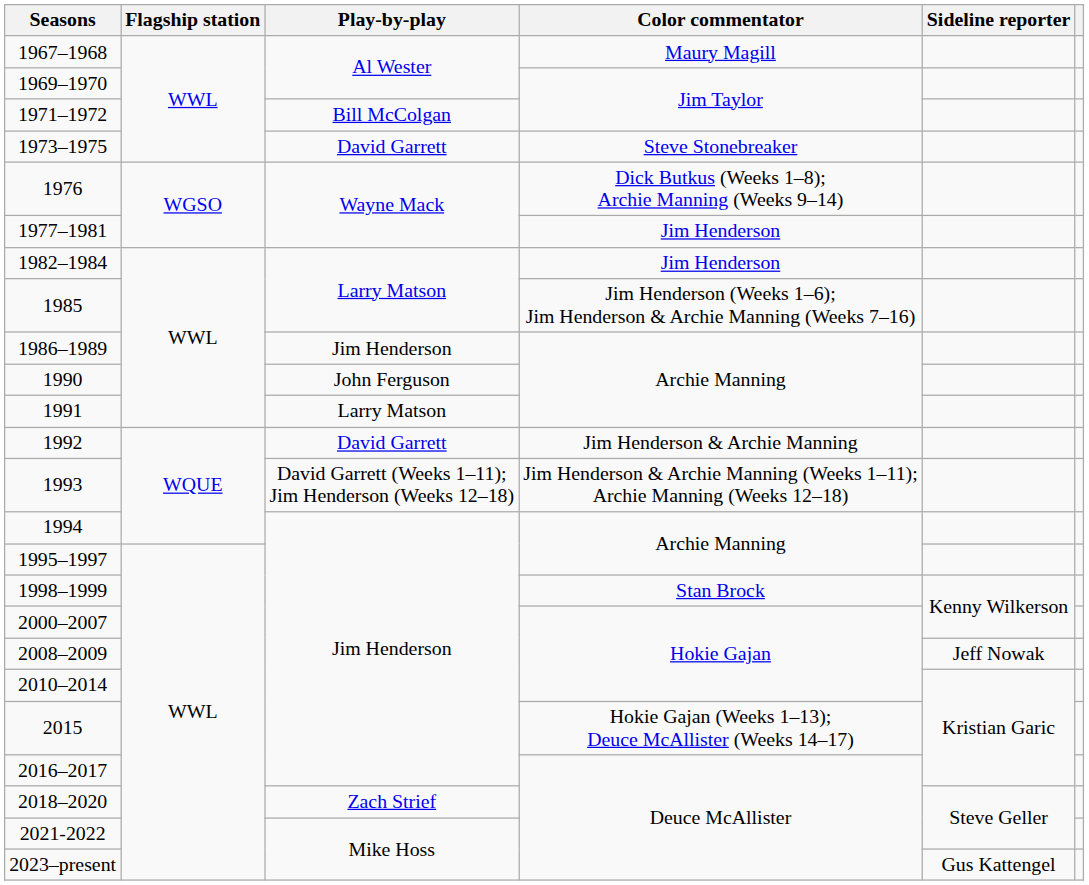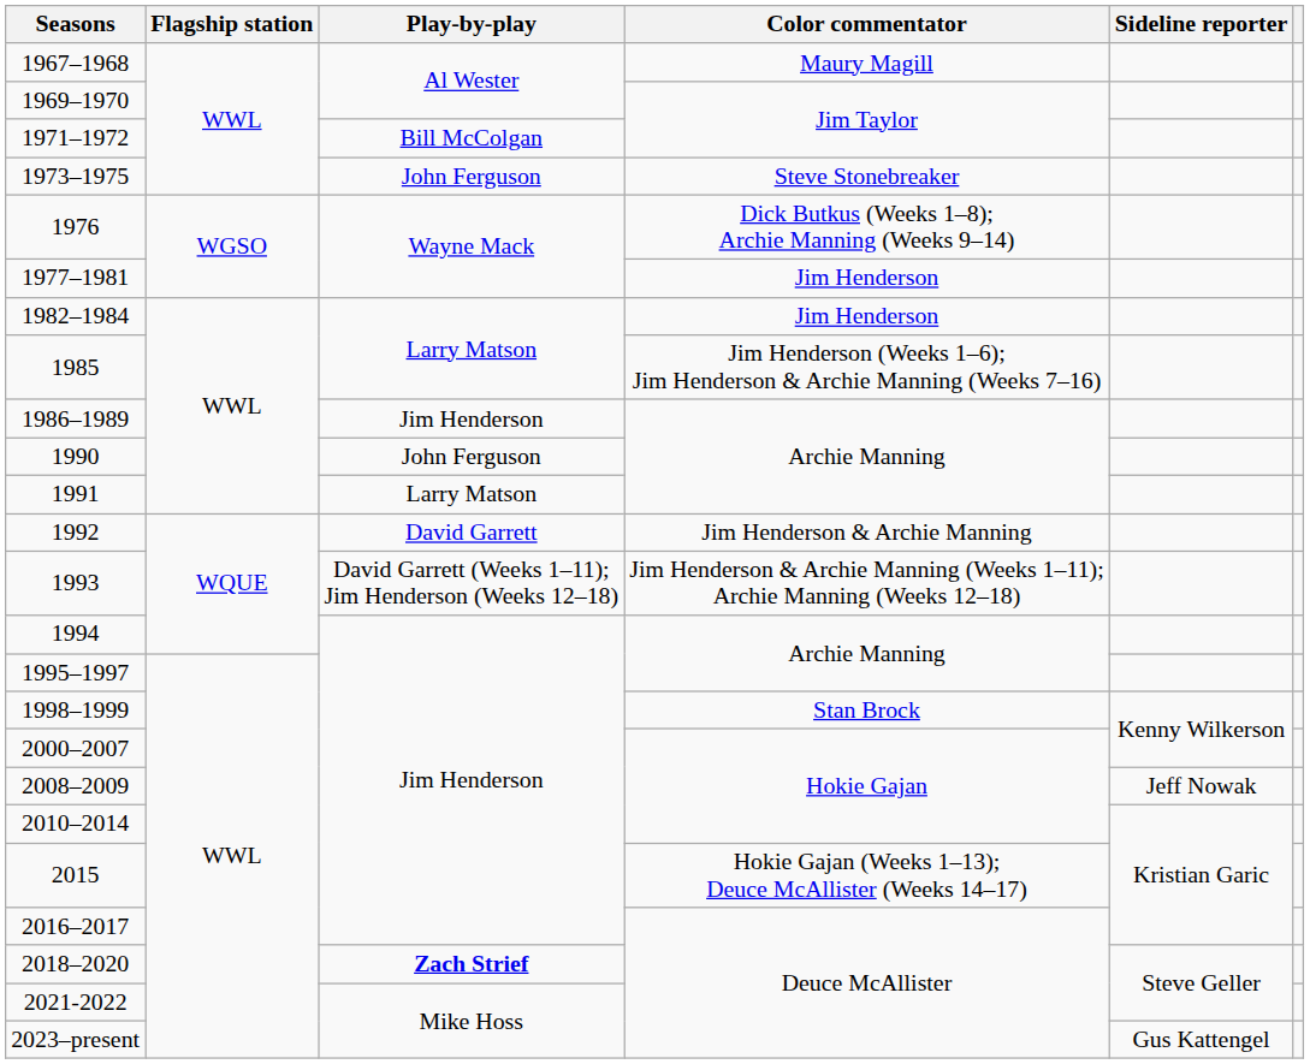 <table class="wikitable" style="text-align: center;">
 <tr>
 <th>Seasons</th>
 <th>Flagship station</th>
 <th>Play-by-play</th>
 <th>Color commentator</th>
 <th>Sideline reporter</th>
 <th></th>
 </tr>
 <tr>
 <td>1967–1968</td>
 <td rowspan=4><a href='#'>WWL</a></td>
 <td rowspan=2><a href='#'>Al Wester</a></td>
 <td><a href='#'>Maury Magill</a></td>
 <td></td>
 <td></td>
 </tr>
 <tr>
 <td>1969–1970</td>
 <td rowspan=2><a href='#'>Jim Taylor</a></td>
 <td></td>
 <td></td>
 </tr>
 <tr>
 <td>1971–1972</td>
 <td><a href='#'>Bill McColgan</a></td>
 <td></td>
 <td></td>
 </tr>
 <tr>
 <td>1973–1975</td>
-<td><a href='#'>David Garrett</a></td>
+<td><a href='#'>John Ferguson</a></td>
 <td><a href='#'>Steve Stonebreaker</a></td>
 <td></td>
 <td></td>
 </tr>
 <tr>
 <td>1976</td>
 <td rowspan=2><a href='#'>WGSO</a></td>
 <td rowspan=2><a href='#'>Wayne Mack</a></td>
 <td><a href='#'>Dick Butkus</a> (Weeks 1–8);<br><a href='#'>Archie Manning</a> (Weeks 9–14)</td>
 <td></td>
 <td></td>
 </tr>
 <tr>
 <td>1977–1981</td>
 <td><a href='#'>Jim Henderson</a></td>
 <td></td>
 <td></td>
 </tr>
 <tr>
 <td>1982–1984</td>
 <td rowspan=5>WWL</td>
 <td rowspan=2><a href='#'>Larry Matson</a></td>
 <td><a href='#'>Jim Henderson</a></td>
 <td></td>
 <td></td>
 </tr>
 <tr>
 <td>1985</td>
 <td>Jim Henderson (Weeks 1–6);<br>Jim Henderson & Archie Manning (Weeks 7–16)</td>
 <td></td>
 <td></td>
 </tr>
 <tr>
 <td>1986–1989</td>
 <td>Jim Henderson</td>
 <td rowspan=3>Archie Manning</td>
 <td></td>
 <td></td>
 </tr>
 <tr>
 <td>1990</td>
 <td>John Ferguson</td>
 <td></td>
 <td></td>
 </tr>
 <tr>
 <td>1991</td>
 <td>Larry Matson</td>
 <td></td>
 <td></td>
 </tr>
 <tr>
 <td>1992</td>
 <td rowspan=3><a href='#'>WQUE</a></td>
 <td><a href='#'>David Garrett</a></td>
 <td>Jim Henderson & Archie Manning</td>
 <td></td>
 <td></td>
 </tr>
 <tr>
 <td>1993</td>
 <td>David Garrett (Weeks 1–11);<br>Jim Henderson (Weeks 12–18)</td>
 <td>Jim Henderson & Archie Manning (Weeks 1–11);<br>Archie Manning (Weeks 12–18)</td>
 <td></td>
 <td></td>
 </tr>
 <tr>
 <td>1994</td>
 <td rowspan=8>Jim Henderson</td>
 <td rowspan=2>Archie Manning</td>
 <td></td>
 <td></td>
 </tr>
 <tr>
 <td>1995–1997</td>
 <td rowspan="10">WWL</td>
 <td></td>
 <td></td>
 </tr>
 <tr>
 <td>1998–1999</td>
 <td><a href='#'>Stan Brock</a></td>
 <td rowspan=2>Kenny Wilkerson</td>
 <td></td>
 </tr>
 <tr>
 <td>2000–2007</td>
 <td rowspan=3><a href='#'>Hokie Gajan</a></td>
 <td></td>
 </tr>
 <tr>
 <td>2008–2009</td>
 <td>Jeff Nowak</td>
 <td></td>
 </tr>
 <tr>
 <td>2010–2014</td>
 <td rowspan="3">Kristian Garic</td>
 <td></td>
 </tr>
 <tr>
 <td>2015</td>
 <td>Hokie Gajan (Weeks 1–13);<br><a href='#'>Deuce McAllister</a> (Weeks 14–17)</td>
 <td></td>
 </tr>
 <tr>
 <td>2016–2017</td>
 <td rowspan="4">Deuce McAllister</td>
 <td></td>
 </tr>
 <tr>
 <td>2018–2020</td>
-<td><a href='#'>Zach Strief</a></td>
+<td><strong><a href='#'>Zach Strief</a></strong></td>
 <td rowspan="2">Steve Geller</td>
 <td></td>
 </tr>
 <tr>
 <td>2021-2022</td>
 <td rowspan="2">Mike Hoss</td>
 <td></td>
 </tr>
 <tr>
 <td>2023–present</td>
 <td>Gus Kattengel</td>
 <td></td>
 </tr>
 </table>
